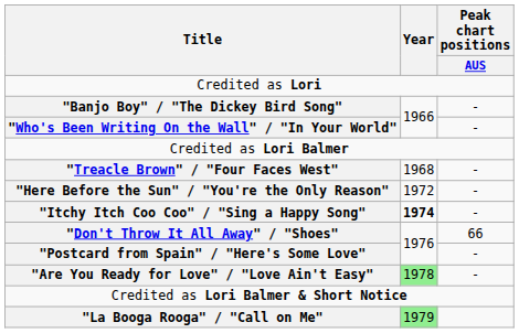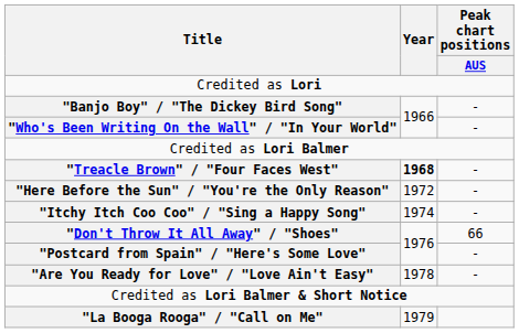 <table class="wikitable plainrowheaders" style="text-align:center;">
 <tr>
 <th scope="col" rowspan="2">Title</th>
 <th scope="col" rowspan="2">Year</th>
 <th scope="col" colspan="1">Peak chart positions</th>
 </tr>
 <tr>
 <th scope="col" style="width:3em;font-size:90%;"><a href='#'>AUS</a><br></th>
 </tr>
 <tr>
 <td colspan=3>Credited as <strong>Lori</strong></td>
 </tr>
 <tr>
 <th scope="row">"Banjo Boy" / "The Dickey Bird Song"</th>
 <td rowspan="2">1966</td>
 <td>-</td>
 </tr>
 <tr>
 <th scope="row">"<a href='#'>Who's Been Writing On the Wall</a>" / "In Your World"</th>
 <td>-</td>
 </tr>
 <tr>
 <td colspan=3>Credited as <strong>Lori Balmer</strong></td>
 </tr>
 <tr>
 <th scope="row">"<a href='#'>Treacle Brown</a>" / "Four Faces West"</th>
-<td rowspan="1">1968</td>
+<td rowspan="1"><strong>1968</strong></td>
 <td>-</td>
 </tr>
 <tr>
 <th scope="row">"Here Before the Sun" / "You're the Only Reason"</th>
 <td rowspan="1">1972</td>
 <td>-</td>
 </tr>
 <tr>
 <th scope="row">"Itchy Itch Coo Coo" / "Sing a Happy Song"</th>
-<td rowspan="1"><strong>1974</strong></td>
+<td rowspan="1">1974</td>
 <td>-</td>
 </tr>
 <tr>
 <th scope="row">"<a href='#'>Don't Throw It All Away</a>" / "Shoes"</th>
 <td rowspan="2">1976</td>
 <td>66</td>
 </tr>
 <tr>
 <th scope="row">"Postcard from Spain" / "Here's Some Love"</th>
 <td>-</td>
 </tr>
 <tr>
 <th scope="row">"Are You Ready for Love" / "Love Ain't Easy"</th>
-<td rowspan="1" style="background: lightgreen;">1978</td>
+<td rowspan="1">1978</td>
 <td>-</td>
 </tr>
 <tr>
 <td colspan=3>Credited as <strong>Lori Balmer & Short Notice</strong></td>
 </tr>
 <tr>
 <th scope="row">"La Booga Rooga" / "Call on Me"</th>
-<td rowspan="1" style="background: lightgreen;">1979</td>
+<td rowspan="1">1979</td>
 </tr>
 </table>
